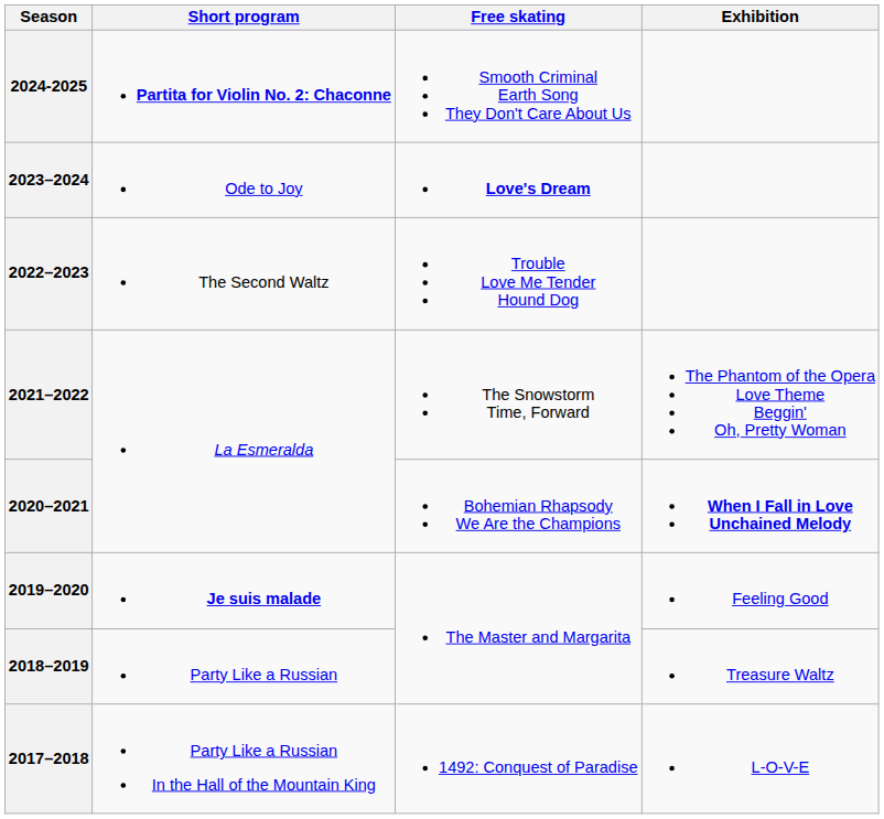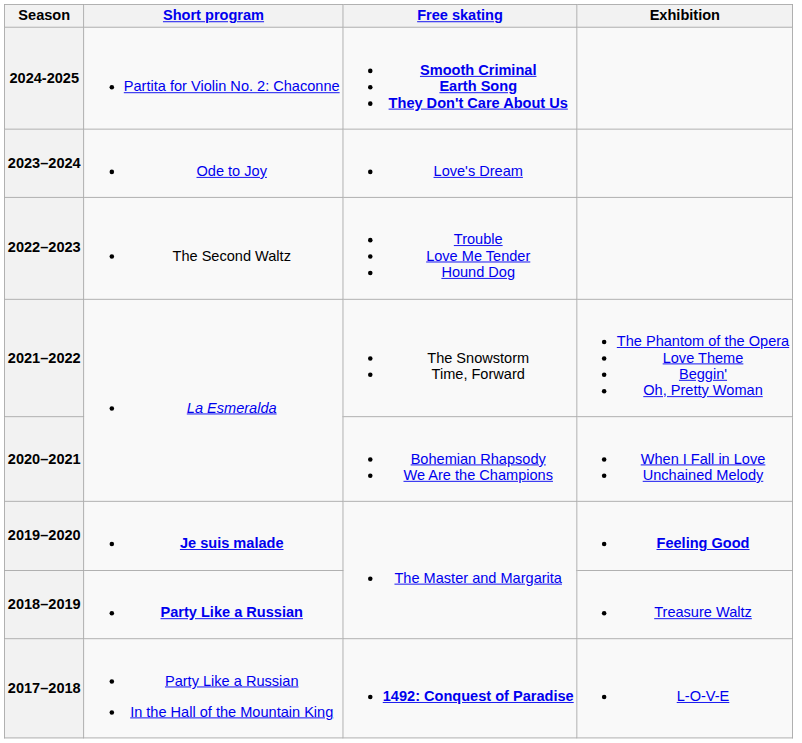 <table class=wikitable style=text-align:center>
 <tr>
 <th>Season</th>
 <th><a href='#'>Short program</a></th>
 <th><a href='#'>Free skating</a></th>
 <th>Exhibition</th>
 </tr>
 <tr>
 <th>2024-2025</th>
-<td><strong><br><ul><li><a href='#'>Partita for Violin No. 2: Chaconne</a><br> </li></ul></strong></td>
-<td><br><ul><li><a href='#'>Smooth Criminal</a></li><li><a href='#'>Earth Song</a></li><li><a href='#'>They Don't Care About Us</a> <br> </li></ul></td>
+<td><br><ul><li><a href='#'>Partita for Violin No. 2: Chaconne</a><br> </li></ul></td>
+<td><strong><br><ul><li><a href='#'>Smooth Criminal</a></li><li><a href='#'>Earth Song</a></li><li><a href='#'>They Don't Care About Us</a> <br> </li></ul></strong></td>
 <td></td>
 </tr>
 <tr>
 <th>2023–2024</th>
 <td><br><ul><li><a href='#'>Ode to Joy</a><br> </li></ul></td>
-<td><strong><br><ul><li><a href='#'>Love's Dream</a> <br> </li></ul></strong></td>
+<td><br><ul><li><a href='#'>Love's Dream</a> <br> </li></ul></td>
 <td></td>
 </tr>
 <tr>
 <th>2022–2023</th>
 <td><br><ul><li>The Second Waltz <br> </li></ul></td>
 <td><br><ul><li><a href='#'>Trouble</a></li><li><a href='#'>Love Me Tender</a></li><li><a href='#'>Hound Dog</a> <br> </li></ul></td>
 </tr>
 <tr>
 <th>2021–2022 <br> </th>
 <td rowspan=2><br><ul><li><a href='#'><em>La Esmeralda</em></a> <br> </li></ul></td>
 <td><br><ul><li>The Snowstorm</li><li>Time, Forward <br> </li></ul></td>
 <td><br><ul><li><a href='#'>The Phantom of the Opera</a> <br> </li><li><a href='#'>Love Theme</a> <br> </li><li><a href='#'>Beggin'</a> <br> </li><li><a href='#'>Oh, Pretty Woman</a> <br> </li></ul></td>
 </tr>
 <tr>
 <th>2020–2021 <br> </th>
 <td><br><ul><li><a href='#'>Bohemian Rhapsody</a></li><li><a href='#'>We Are the Champions</a> <br> </li></ul></td>
-<td><strong><br><ul><li><a href='#'>When I Fall in Love</a> <br> </li><li><a href='#'>Unchained Melody</a> <br> </li></ul></strong></td>
+<td><br><ul><li><a href='#'>When I Fall in Love</a> <br> </li><li><a href='#'>Unchained Melody</a> <br> </li></ul></td>
 </tr>
 <tr>
 <th>2019–2020 <br> </th>
 <td><strong><br><ul><li><a href='#'>Je suis malade</a> <br> </li></ul></strong></td>
 <td rowspan=2><br><ul><li><a href='#'>The Master and Margarita</a> <br></li></ul></td>
-<td><br><ul><li><a href='#'>Feeling Good</a> <br> </li></ul></td>
+<td><strong><br><ul><li><a href='#'>Feeling Good</a> <br> </li></ul></strong></td>
 </tr>
 <tr>
 <th>2018–2019 <br> </th>
-<td><br><ul><li><a href='#'>Party Like a Russian</a> <br></li></ul></td>
+<td><strong><br><ul><li><a href='#'>Party Like a Russian</a> <br></li></ul></strong></td>
 <td><br><ul><li><a href='#'>Treasure Waltz</a> <br></li></ul></td>
 </tr>
 <tr>
 <th>2017–2018 <br> </th>
 <td><br><ul><li><a href='#'>Party Like a Russian</a> <br></li></ul><ul><li><a href='#'>In the Hall of the Mountain King</a> <br></li></ul></td>
-<td><br><ul><li><a href='#'>1492: Conquest of Paradise</a> <br></li></ul></td>
+<td><strong><br><ul><li><a href='#'>1492: Conquest of Paradise</a> <br></li></ul></strong></td>
 <td><br><ul><li><a href='#'>L-O-V-E</a> <br></li></ul></td>
 </tr>
 </table>
